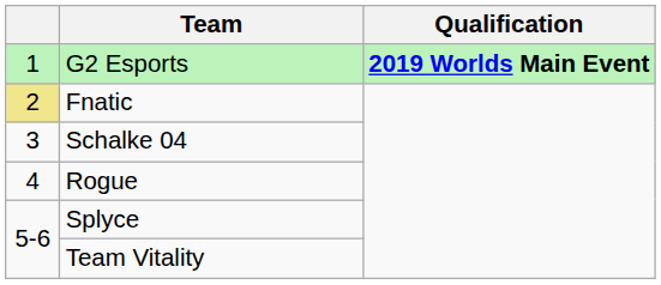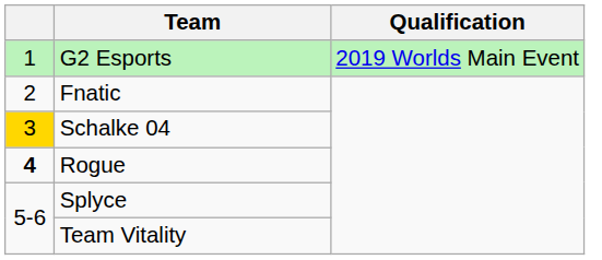 <table class="wikitable" style="text-align:center">
 <tr>
 <th width=28></th>
 <th width=190>Team</th>
 <th>Qualification</th>
 </tr>
 <tr style="background-color:#BBF3BB;">
 <td>1</td>
 <td style="text-align:left">G2 Esports</td>
-<td><strong><a href='#'>2019 Worlds</a> Main Event</strong></td>
+<td><a href='#'>2019 Worlds</a> Main Event</td>
 </tr>
 <tr>
-<td style="background: khaki;">2</td>
+<td>2</td>
 <td style="text-align:left">Fnatic</td>
 </tr>
 <tr>
-<td>3</td>
+<td style="background: gold;">3</td>
 <td style="text-align:left">Schalke 04</td>
 </tr>
 <tr>
-<td>4</td>
+<td><strong>4</strong></td>
 <td style="text-align:left">Rogue</td>
 </tr>
 <tr>
 <td rowspan="2">5-6</td>
 <td style="text-align:left">Splyce</td>
 </tr>
 <tr>
 <td style="text-align:left">Team Vitality</td>
 </tr>
 </table>
